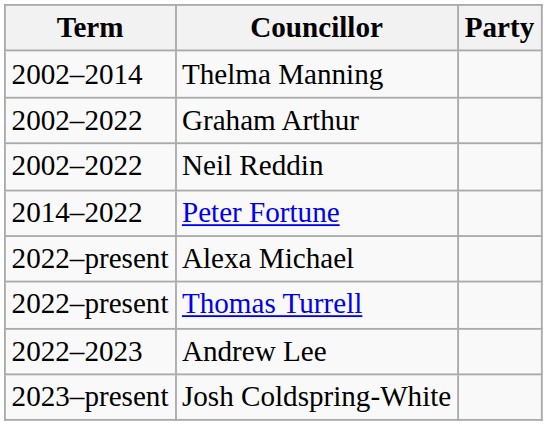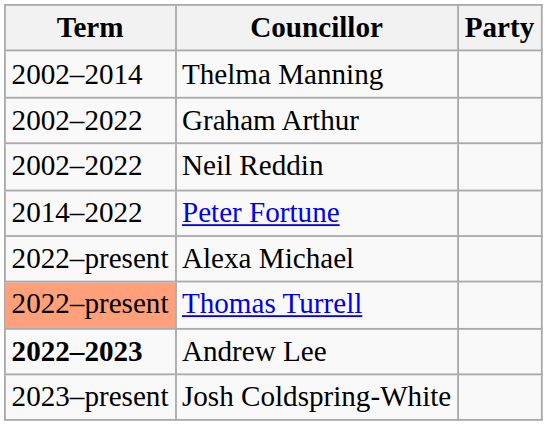 <table class="wikitable">
 <tr>
 <th>Term</th>
 <th>Councillor</th>
 <th colspan=2>Party</th>
 </tr>
 <tr>
 <td>2002–2014</td>
 <td>Thelma Manning</td>
 <td></td>
 </tr>
 <tr>
 <td>2002–2022</td>
 <td>Graham Arthur</td>
 <td></td>
 </tr>
 <tr>
 <td>2002–2022</td>
 <td>Neil Reddin</td>
 <td></td>
 </tr>
 <tr>
 <td>2014–2022</td>
 <td><a href='#'>Peter Fortune</a></td>
 <td></td>
 </tr>
 <tr>
 <td>2022–present</td>
 <td>Alexa Michael</td>
 <td></td>
 </tr>
 <tr>
-<td>2022–present</td>
+<td style="background: lightsalmon;">2022–present</td>
 <td><a href='#'>Thomas Turrell</a></td>
 <td></td>
 </tr>
 <tr>
-<td>2022–2023</td>
+<td><strong>2022–2023</strong></td>
 <td>Andrew Lee</td>
 <td></td>
 </tr>
 <tr>
 <td>2023–present</td>
 <td>Josh Coldspring-White</td>
 <td></td>
 </tr>
 </table>
